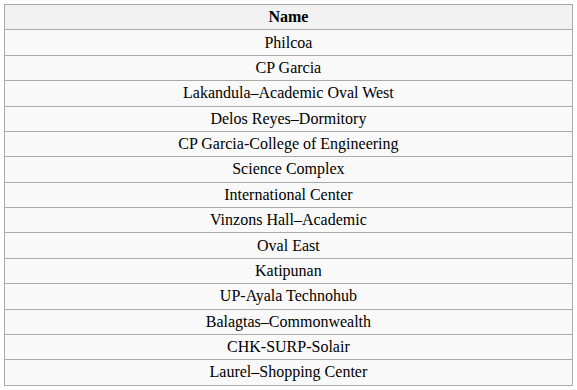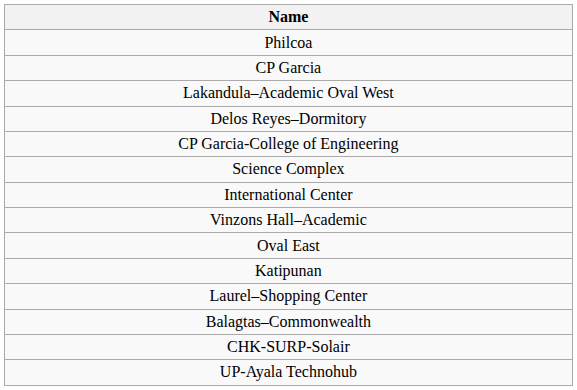 <table class="wikitable" style="text-align:center;" width=45%>
 <tr>
 <th>Name</th>
 </tr>
 <tr>
 <td>Philcoa</td>
 </tr>
 <tr>
 <td>CP Garcia</td>
 </tr>
 <tr>
 <td>Lakandula–Academic Oval West</td>
 </tr>
 <tr>
 <td>Delos Reyes–Dormitory</td>
 </tr>
 <tr>
 <td>CP Garcia-College of Engineering</td>
 </tr>
 <tr>
 <td>Science Complex</td>
 </tr>
 <tr>
 <td>International Center</td>
 </tr>
 <tr>
 <td>Vinzons Hall–Academic</td>
 </tr>
 <tr>
 <td>Oval East</td>
 </tr>
 <tr>
 <td>Katipunan</td>
 </tr>
 <tr>
-<td>UP-Ayala Technohub</td>
+<td>Laurel–Shopping Center</td>
 </tr>
 <tr>
 <td>Balagtas–Commonwealth</td>
 </tr>
 <tr>
 <td>CHK-SURP-Solair</td>
 </tr>
 <tr>
-<td>Laurel–Shopping Center</td>
+<td>UP-Ayala Technohub</td>
 </tr>
 </table>
